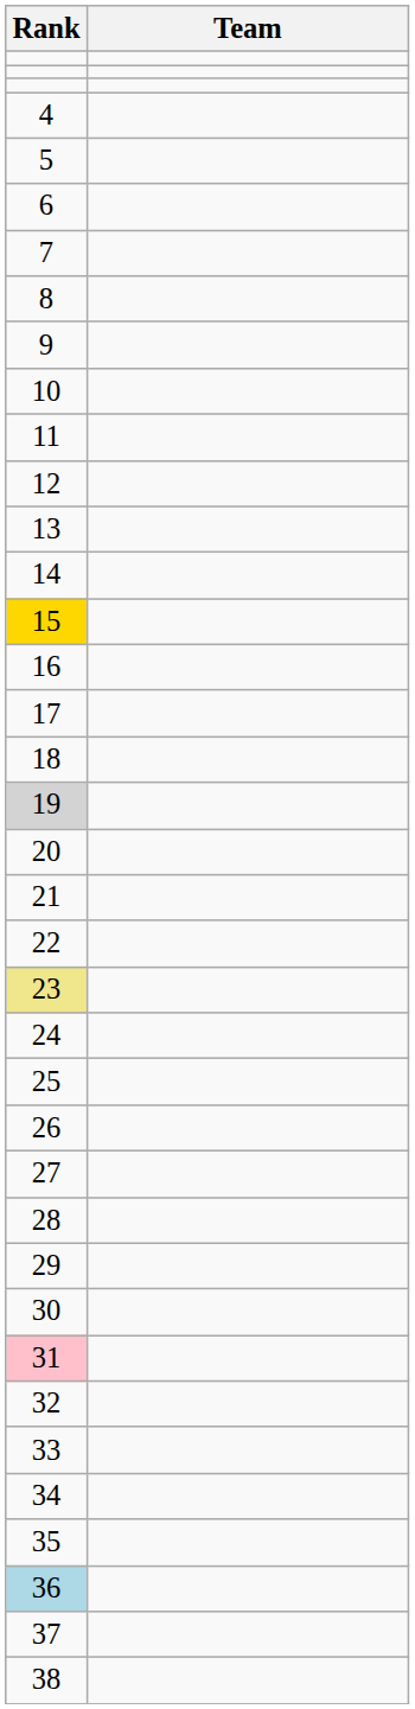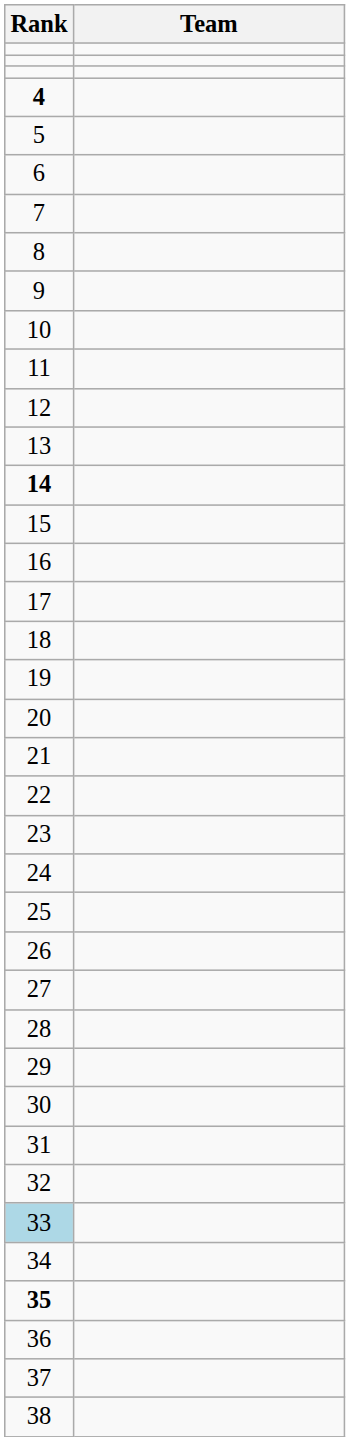 <table class="wikitable">
 <tr>
 <th>Rank</th>
 <th width=170>Team</th>
 </tr>
 <tr>
 <td align=center></td>
 <td></td>
 </tr>
 <tr>
 <td align=center></td>
 <td></td>
 </tr>
 <tr>
 <td align=center></td>
 <td></td>
 </tr>
 <tr>
-<td align=center>4</td>
+<td align=center><strong>4</strong></td>
 <td></td>
 </tr>
 <tr>
 <td align=center>5</td>
 <td></td>
 </tr>
 <tr>
 <td align=center>6</td>
 <td></td>
 </tr>
 <tr>
 <td align=center>7</td>
 <td></td>
 </tr>
 <tr>
 <td align=center>8</td>
 <td></td>
 </tr>
 <tr>
 <td align=center>9</td>
 <td></td>
 </tr>
 <tr>
 <td align=center>10</td>
 <td></td>
 </tr>
 <tr>
 <td align=center>11</td>
 <td></td>
 </tr>
 <tr>
 <td align=center>12</td>
 <td></td>
 </tr>
 <tr>
 <td align=center>13</td>
 <td></td>
 </tr>
 <tr>
-<td align=center>14</td>
+<td align=center><strong>14</strong></td>
 <td></td>
 </tr>
 <tr>
-<td align=center style="background: gold;">15</td>
+<td align=center>15</td>
 <td></td>
 </tr>
 <tr>
 <td align=center>16</td>
 <td></td>
 </tr>
 <tr>
 <td align=center>17</td>
 <td></td>
 </tr>
 <tr>
 <td align=center>18</td>
 <td></td>
 </tr>
 <tr>
-<td align=center style="background: lightgrey;">19</td>
+<td align=center>19</td>
 <td></td>
 </tr>
 <tr>
 <td align=center>20</td>
 <td></td>
 </tr>
 <tr>
 <td align=center>21</td>
 <td></td>
 </tr>
 <tr>
 <td align=center>22</td>
 <td></td>
 </tr>
 <tr>
-<td align=center style="background: khaki;">23</td>
+<td align=center>23</td>
 <td></td>
 </tr>
 <tr>
 <td align=center>24</td>
 <td></td>
 </tr>
 <tr>
 <td align=center>25</td>
 <td></td>
 </tr>
 <tr>
 <td align=center>26</td>
 <td></td>
 </tr>
 <tr>
 <td align=center>27</td>
 <td></td>
 </tr>
 <tr>
 <td align=center>28</td>
 <td></td>
 </tr>
 <tr>
 <td align=center>29</td>
 <td></td>
 </tr>
 <tr>
 <td align=center>30</td>
 <td></td>
 </tr>
 <tr>
-<td align=center style="background: pink;">31</td>
+<td align=center>31</td>
 <td></td>
 </tr>
 <tr>
 <td align=center>32</td>
 <td></td>
 </tr>
 <tr>
-<td align=center>33</td>
+<td align=center style="background: lightblue;">33</td>
 <td></td>
 </tr>
 <tr>
 <td align=center>34</td>
 <td></td>
 </tr>
 <tr>
-<td align=center>35</td>
+<td align=center><strong>35</strong></td>
 <td></td>
 </tr>
 <tr>
-<td align=center style="background: lightblue;">36</td>
+<td align=center>36</td>
 <td></td>
 </tr>
 <tr>
 <td align=center>37</td>
 <td></td>
 </tr>
 <tr>
 <td align=center>38</td>
 <td></td>
 </tr>
 </table>
